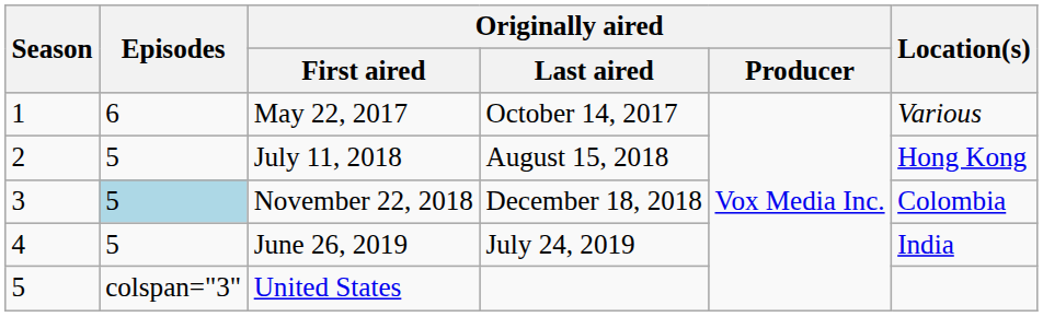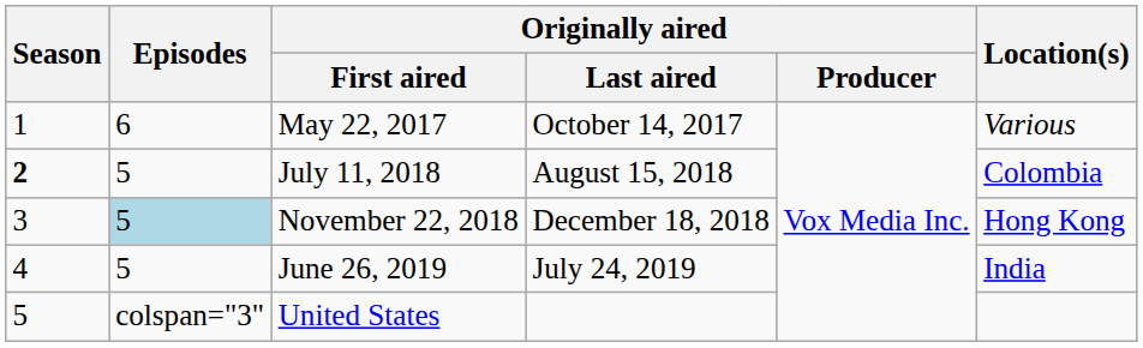 <table class="wikitable">
 <tr>
 <th rowspan="2">Season</th>
 <th rowspan="2">Episodes</th>
 <th colspan="3">Originally aired</th>
 <th rowspan="2">Location(s)</th>
 </tr>
 <tr>
 <th>First aired</th>
 <th>Last aired</th>
 <th>Producer</th>
 </tr>
 <tr>
 <td>1</td>
 <td>6</td>
 <td>May 22, 2017</td>
 <td>October 14, 2017</td>
 <td rowspan="5"><a href='#'>Vox Media Inc.</a></td>
 <td><em>Various</em></td>
 </tr>
 <tr>
-<td>2</td>
+<td><strong>2</strong></td>
 <td>5</td>
 <td>July 11, 2018</td>
 <td>August 15, 2018</td>
-<td><a href='#'>Hong Kong</a></td>
+<td><a href='#'>Colombia</a></td>
 </tr>
 <tr>
 <td>3</td>
 <td style="background: lightblue;">5</td>
 <td>November 22, 2018</td>
 <td>December 18, 2018</td>
-<td><a href='#'>Colombia</a></td>
+<td><a href='#'>Hong Kong</a></td>
 </tr>
 <tr>
 <td>4</td>
 <td>5</td>
 <td>June 26, 2019</td>
 <td>July 24, 2019</td>
 <td><a href='#'>India</a></td>
 </tr>
 <tr>
 <td>5</td>
 <td>colspan="3" </td>
 <td><a href='#'>United States</a></td>
 </tr>
 </table>
